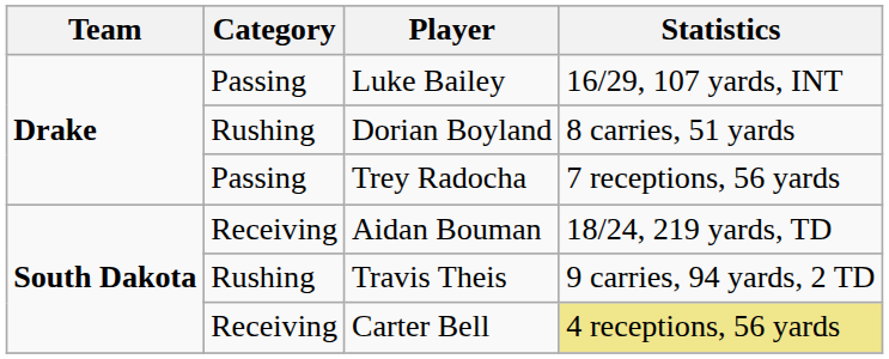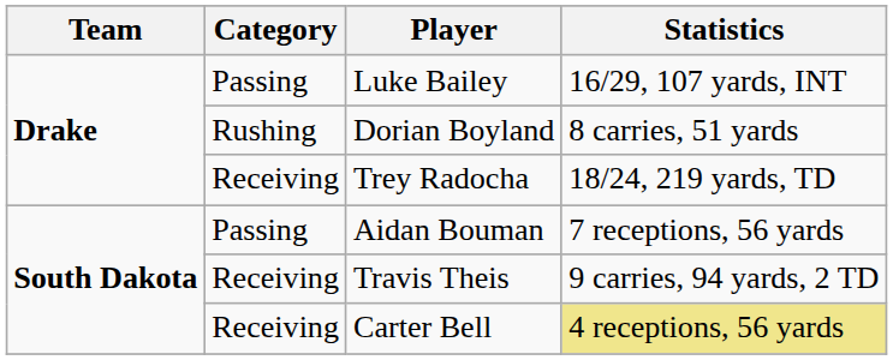 <table class="wikitable" style="float: right;">
 <tr>
 <th>Team</th>
 <th>Category</th>
 <th>Player</th>
 <th>Statistics</th>
 </tr>
 <tr>
 <td rowspan=3><strong>Drake</strong></td>
 <td>Passing</td>
 <td>Luke Bailey</td>
 <td>16/29, 107 yards, INT</td>
 </tr>
 <tr>
 <td>Rushing</td>
 <td>Dorian Boyland</td>
 <td>8 carries, 51 yards</td>
 </tr>
 <tr>
+<td>Receiving</td>
+<td>Trey Radocha</td>
+<td>18/24, 219 yards, TD</td>
+</tr>
+<tr>
+<td rowspan=3><strong>South Dakota</strong></td>
 <td>Passing</td>
-<td>Trey Radocha</td>
+<td>Aidan Bouman</td>
 <td>7 receptions, 56 yards</td>
 </tr>
 <tr>
-<td rowspan=3><strong>South Dakota</strong></td>
 <td>Receiving</td>
-<td>Aidan Bouman</td>
-<td>18/24, 219 yards, TD</td>
-</tr>
-<tr>
-<td>Rushing</td>
 <td>Travis Theis</td>
 <td>9 carries, 94 yards, 2 TD</td>
 </tr>
 <tr>
 <td>Receiving</td>
 <td>Carter Bell</td>
 <td style="background: khaki;">4 receptions, 56 yards</td>
 </tr>
 </table>
